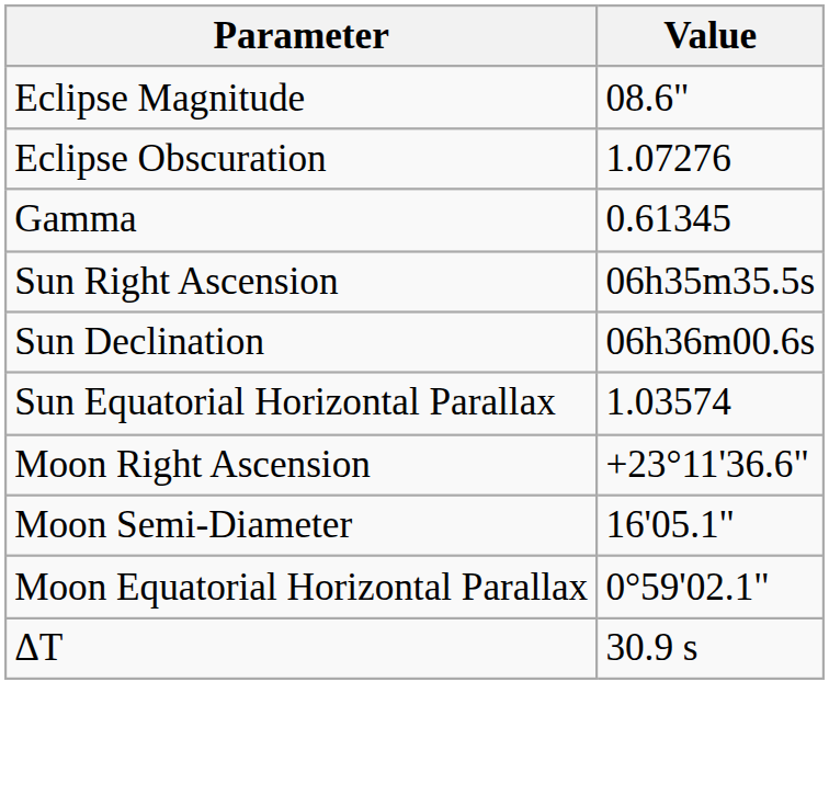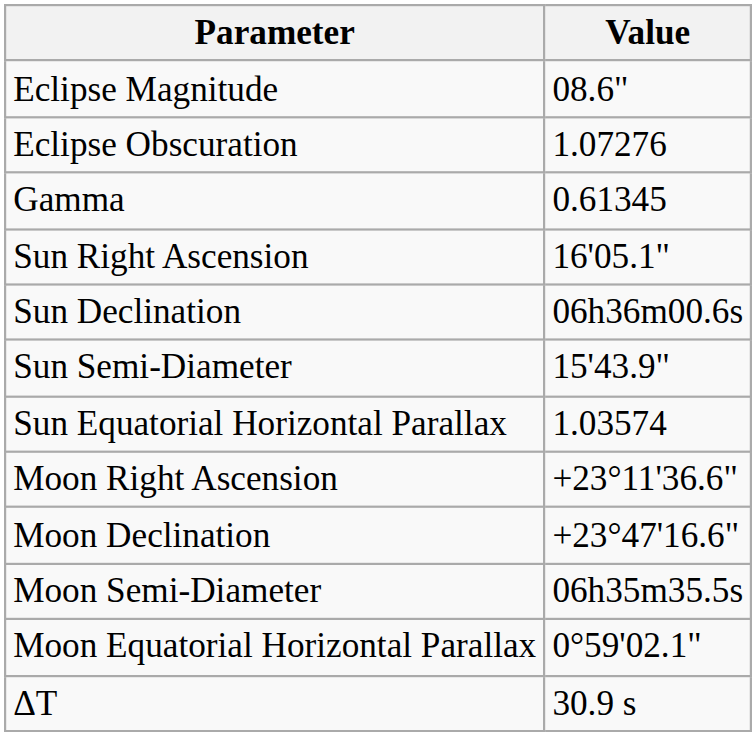 <table class="wikitable">
 <tr>
 <th>Parameter</th>
 <th>Value</th>
 </tr>
 <tr>
 <td>Eclipse Magnitude</td>
 <td>08.6"</td>
 </tr>
 <tr>
 <td>Eclipse Obscuration</td>
 <td>1.07276</td>
 </tr>
 <tr>
 <td>Gamma</td>
 <td>0.61345</td>
 </tr>
 <tr>
 <td>Sun Right Ascension</td>
-<td>06h35m35.5s</td>
+<td>16'05.1"</td>
 </tr>
 <tr>
 <td>Sun Declination</td>
 <td>06h36m00.6s</td>
+</tr>
+<tr>
+<td>Sun Semi-Diameter</td>
+<td>15'43.9"</td>
 </tr>
 <tr>
 <td>Sun Equatorial Horizontal Parallax</td>
 <td>1.03574</td>
 </tr>
 <tr>
 <td>Moon Right Ascension</td>
 <td>+23°11'36.6"</td>
 </tr>
 <tr>
+<td>Moon Declination</td>
+<td>+23°47'16.6"</td>
+</tr>
+<tr>
 <td>Moon Semi-Diameter</td>
-<td>16'05.1"</td>
+<td>06h35m35.5s</td>
 </tr>
 <tr>
 <td>Moon Equatorial Horizontal Parallax</td>
 <td>0°59'02.1"</td>
 </tr>
 <tr>
 <td>ΔT</td>
 <td>30.9 s</td>
 </tr>
 </table>
